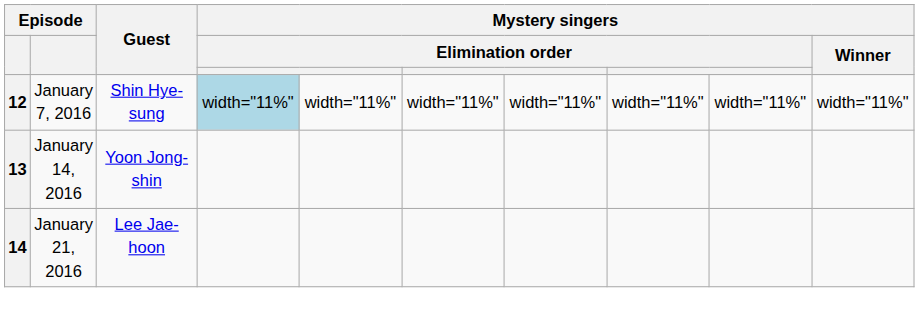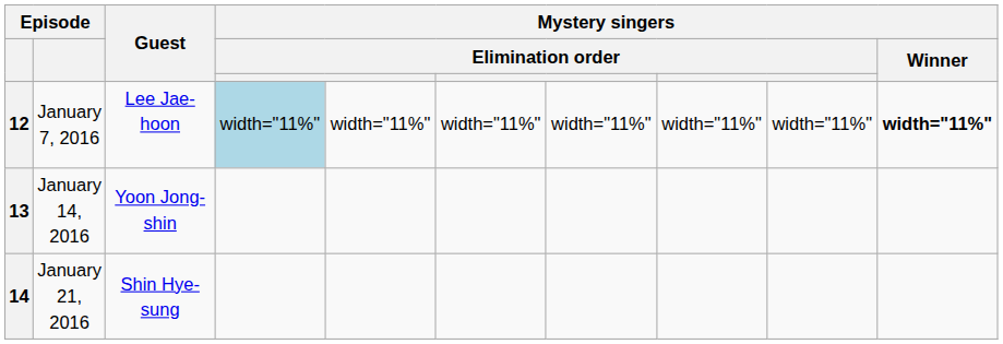 <table class="wikitable plainrowheaders mw-collapsible" style="text-align:center; line-height:23px; width:100%;">
 <tr>
 <th colspan="2" width="1%">Episode</th>
 <th rowspan="3" width="11%">Guest</th>
 <th colspan="7">Mystery singers<br></th>
 </tr>
 <tr>
 <th rowspan="2"></th>
 <th rowspan="2"></th>
 <th colspan="6">Elimination order</th>
 <th rowspan="2">Winner</th>
 </tr>
 <tr>
 <th colspan="2"></th>
 <th colspan="2"></th>
 <th colspan="2"></th>
 </tr>
 <tr>
 <th>12</th>
 <td>January 7, 2016</td>
-<td><a href='#'>Shin Hye-sung</a><br></td>
+<td><a href='#'>Lee Jae-hoon</a><br><br></td>
 <td style="background: lightblue;">width="11%" </td>
 <td>width="11%" </td>
 <td>width="11%" </td>
 <td>width="11%" </td>
 <td>width="11%" </td>
 <td>width="11%" </td>
-<td>width="11%" </td>
+<td><strong>width="11%" </strong></td>
 </tr>
 <tr>
 <th>13</th>
 <td>January 14, 2016</td>
 <td><a href='#'>Yoon Jong-shin</a><br></td>
 <td></td>
 <td></td>
 <td></td>
 <td></td>
 <td></td>
 <td></td>
 <td></td>
 </tr>
 <tr>
 <th>14</th>
 <td>January 21, 2016</td>
-<td><a href='#'>Lee Jae-hoon</a><br><br></td>
+<td><a href='#'>Shin Hye-sung</a><br></td>
 <td></td>
 <td></td>
 <td></td>
 <td></td>
 <td></td>
 <td></td>
 <td></td>
 </tr>
 </table>
